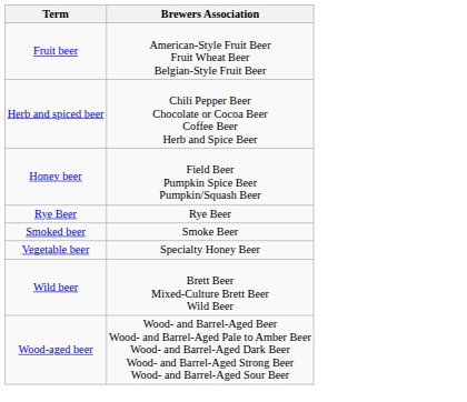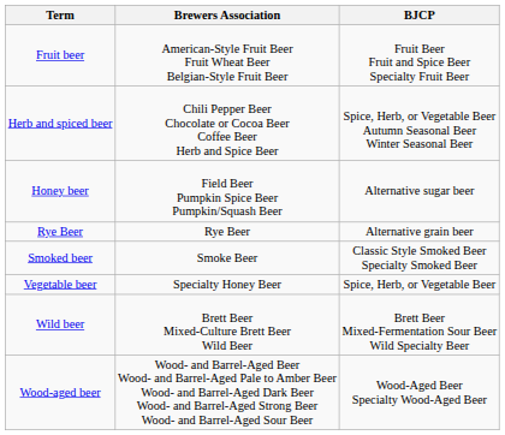 <table class="wikitable sortable" style="text-align: center;">
 <tr bgcolor="#efefef">
 <th>Term</th>
 <th>Brewers Association</th>
+<th>BJCP</th>
 </tr>
 <tr>
 <td><a href='#'>Fruit beer</a></td>
 <td><br>American-Style Fruit Beer<br> Fruit Wheat Beer<br> Belgian-Style Fruit Beer</td>
+<td><br>Fruit Beer<br> Fruit and Spice Beer<br> Specialty Fruit Beer</td>
 </tr>
 <tr>
 <td><a href='#'>Herb and spiced beer</a></td>
 <td><br>Chili Pepper Beer<br> Chocolate or Cocoa Beer<br> Coffee Beer<br> Herb and Spice Beer</td>
+<td><br>Spice, Herb, or Vegetable Beer<br> Autumn Seasonal Beer<br> Winter Seasonal Beer</td>
 </tr>
 <tr>
 <td><a href='#'>Honey beer</a></td>
 <td><br>Field Beer<br> Pumpkin Spice Beer<br> Pumpkin/Squash Beer</td>
+<td>Alternative sugar beer</td>
 </tr>
 <tr>
 <td><a href='#'>Rye Beer</a></td>
 <td>Rye Beer</td>
+<td>Alternative grain beer</td>
 </tr>
 <tr>
 <td><a href='#'>Smoked beer</a></td>
 <td>Smoke Beer</td>
+<td>Classic Style Smoked Beer<br>Specialty Smoked Beer</td>
 </tr>
 <tr>
 <td><a href='#'>Vegetable beer</a></td>
 <td>Specialty Honey Beer</td>
+<td>Spice, Herb, or Vegetable Beer</td>
 </tr>
 <tr>
 <td><a href='#'>Wild beer</a></td>
 <td><br>Brett Beer<br> Mixed-Culture Brett Beer<br> Wild Beer</td>
+<td><br>Brett Beer<br> Mixed-Fermentation Sour Beer<br> Wild Specialty Beer</td>
 </tr>
 <tr>
 <td><a href='#'>Wood-aged beer</a></td>
 <td>Wood- and Barrel-Aged Beer<br>Wood- and Barrel-Aged Pale to Amber Beer<br>Wood- and Barrel-Aged Dark Beer<br>Wood- and Barrel-Aged Strong Beer<br>Wood- and Barrel-Aged Sour Beer</td>
+<td>Wood-Aged Beer<br>Specialty Wood-Aged Beer</td>
 </tr>
 </table>
